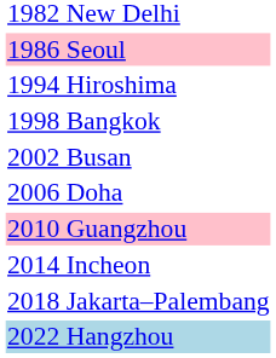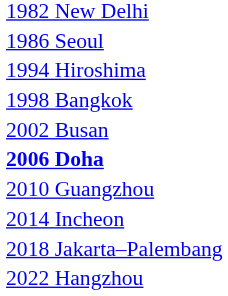 <table>
 <tr>
 <td><a href='#'>1982 New Delhi</a></td>
 <td></td>
 <td></td>
 <td></td>
 </tr>
 <tr>
-<td style="background: pink;"><a href='#'>1986 Seoul</a></td>
+<td><a href='#'>1986 Seoul</a></td>
 <td></td>
 <td></td>
 <td></td>
 </tr>
 <tr>
 <td><a href='#'>1994 Hiroshima</a></td>
 <td></td>
 <td></td>
 <td></td>
 </tr>
 <tr>
 <td><a href='#'>1998 Bangkok</a></td>
 <td></td>
 <td></td>
 <td></td>
 </tr>
 <tr>
 <td><a href='#'>2002 Busan</a></td>
 <td></td>
 <td></td>
 <td></td>
 </tr>
 <tr>
-<td><a href='#'>2006 Doha</a></td>
+<td><strong><a href='#'>2006 Doha</a></strong></td>
 <td></td>
 <td></td>
 <td></td>
 </tr>
 <tr>
-<td style="background: pink;"><a href='#'>2010 Guangzhou</a></td>
+<td><a href='#'>2010 Guangzhou</a></td>
 <td></td>
 <td></td>
 <td></td>
 </tr>
 <tr>
 <td><a href='#'>2014 Incheon</a></td>
 <td></td>
 <td></td>
 <td></td>
 </tr>
 <tr>
 <td><a href='#'>2018 Jakarta–Palembang</a></td>
 <td></td>
 <td></td>
 <td></td>
 </tr>
 <tr>
-<td style="background: lightblue;"><a href='#'>2022 Hangzhou</a></td>
+<td><a href='#'>2022 Hangzhou</a></td>
 <td></td>
 <td></td>
 <td></td>
 </tr>
 </table>
